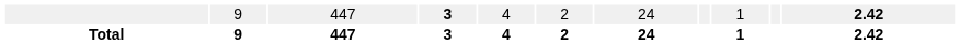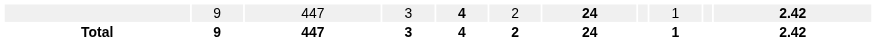 <table class="UMass Minutemen" width ="1000">
 <tr align="center">
 </tr>
 <tr align="center" bgcolor="f0f0f0">
 <td></td>
 <td>9</td>
 <td>447</td>
-<td><strong>3</strong></td>
-<td>4</td>
+<td>3</td>
+<td><strong>4</strong></td>
 <td>2</td>
-<td>24</td>
+<td><strong>24</strong></td>
 <td></td>
 <td>1</td>
 <td></td>
 <td><strong>2.42</strong></td>
 </tr>
 <tr>
 <th>Total</th>
 <th>9</th>
 <th>447</th>
 <th>3</th>
 <th>4</th>
 <th>2</th>
 <th>24</th>
 <th></th>
 <th>1</th>
 <th></th>
 <th><strong>2.42</strong></th>
 </tr>
 </table>
